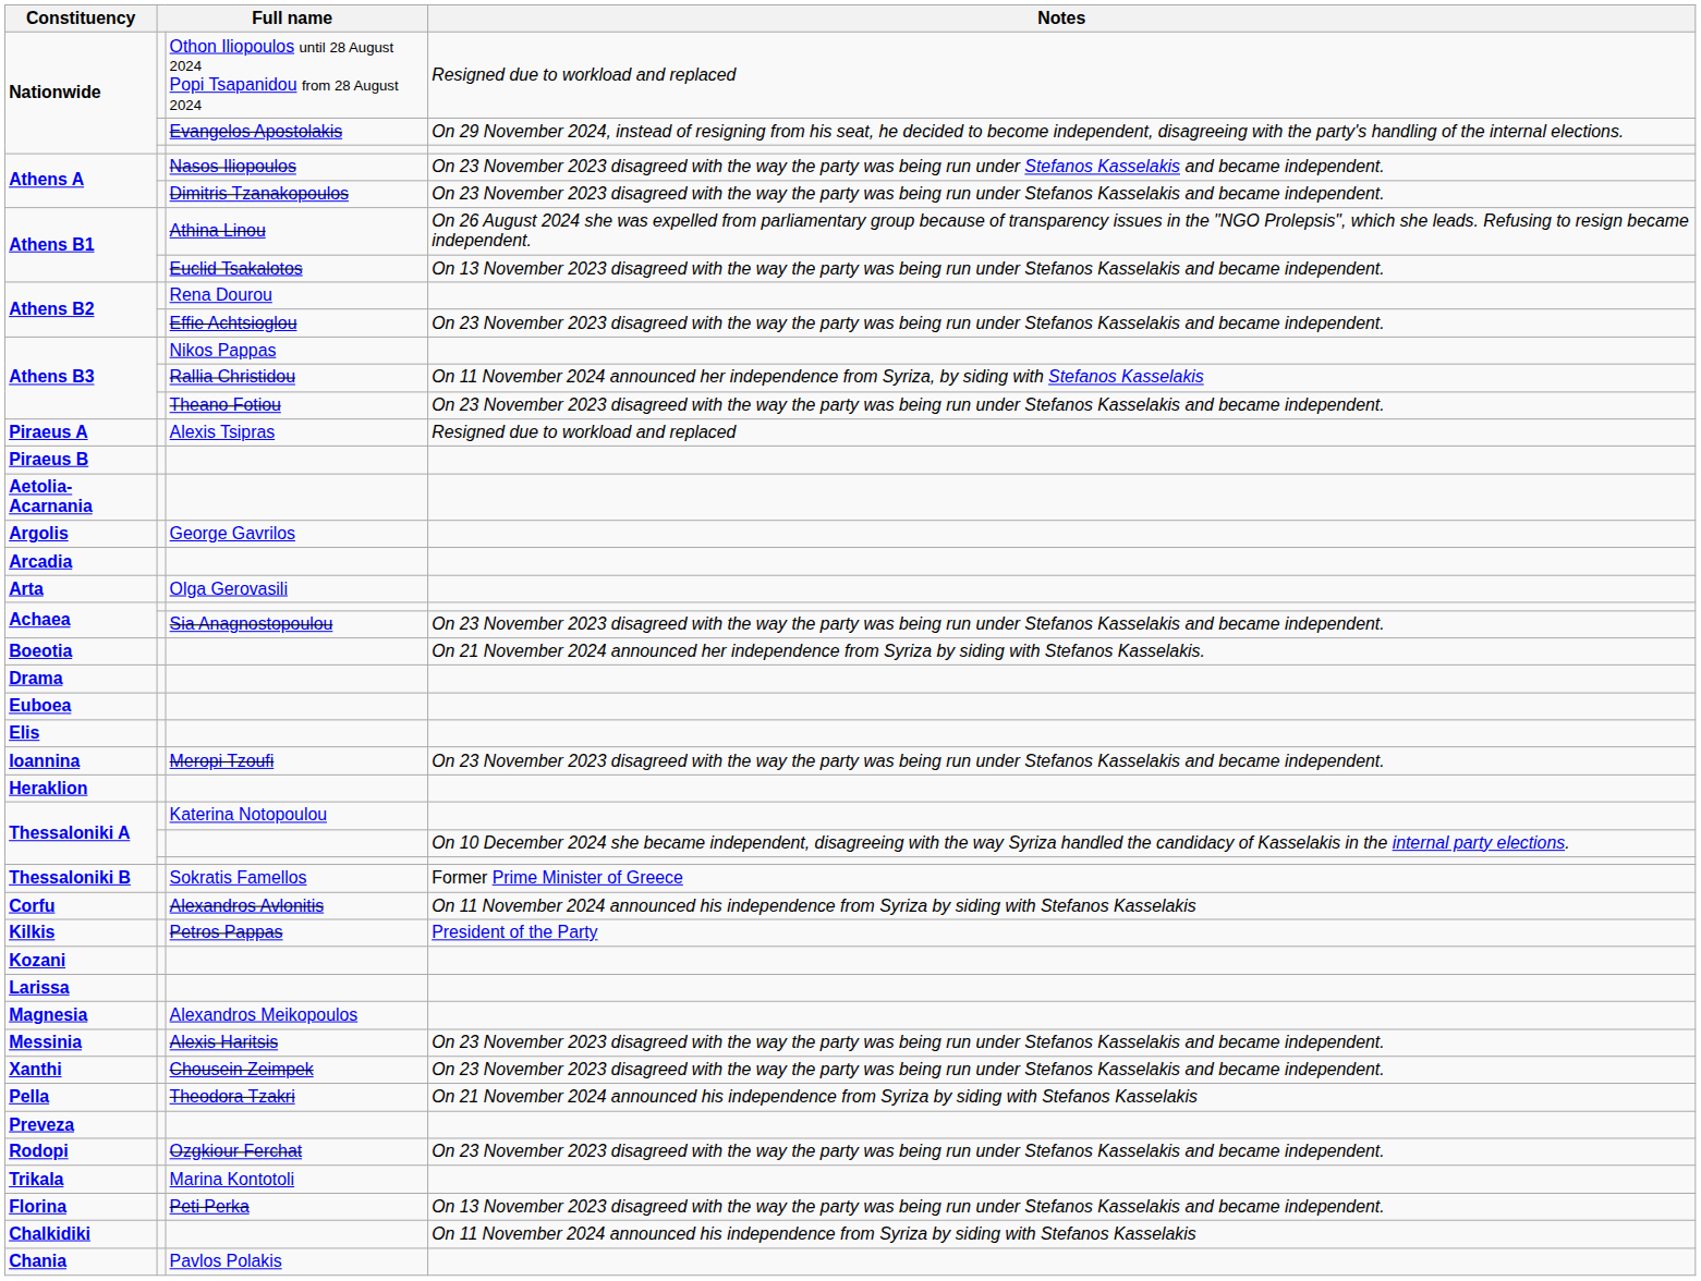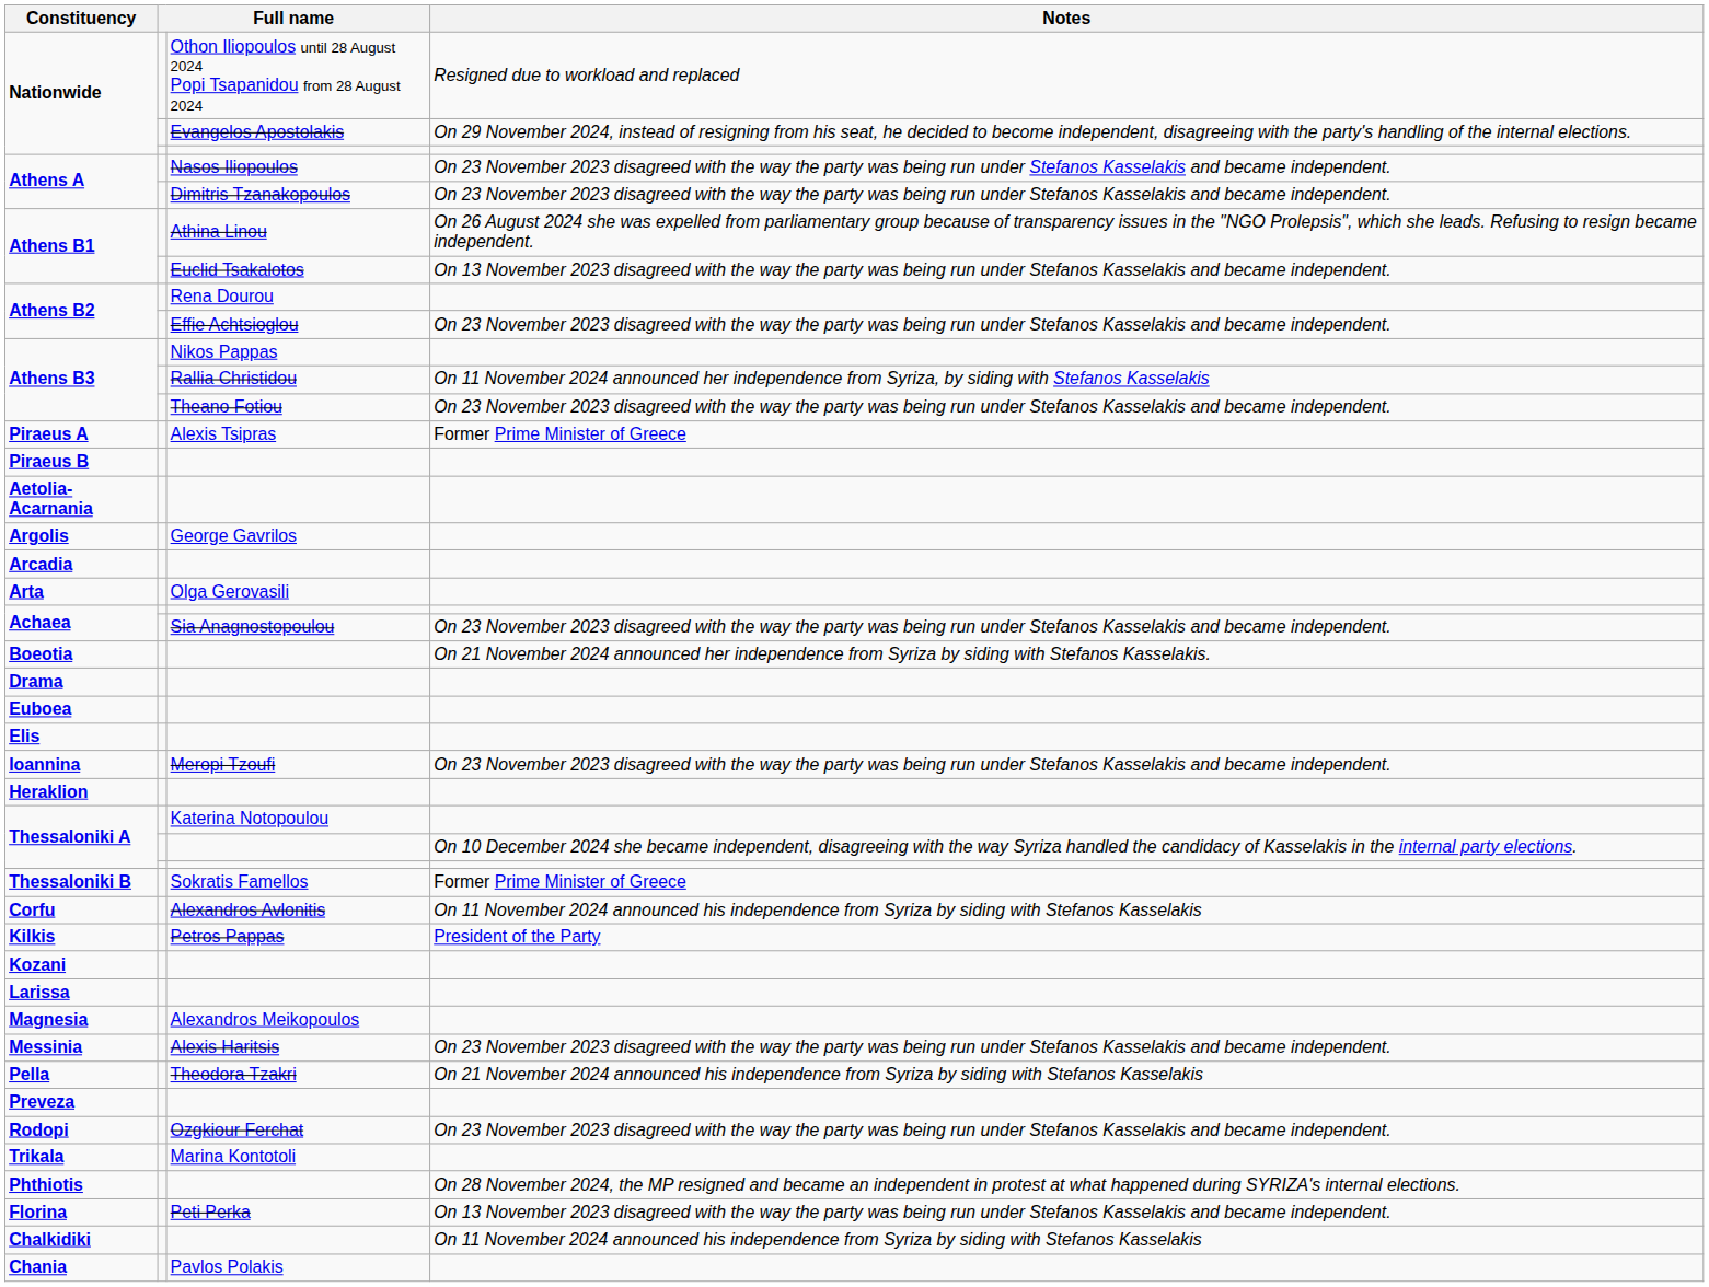 <table class="wikitable">
 <tr>
 <th>Constituency</th>
 <th colspan="2">Full name</th>
 <th>Notes</th>
 </tr>
 <tr>
 <td rowspan="3"><strong>Nationwide</strong></td>
 <td></td>
 <td><a href='#'>Othon Iliopoulos</a> <small>until 28 August 2024</small> <br><a href='#'>Popi Tsapanidou</a> <small>from 28 August 2024</small></td>
 <td><em>Resigned due to workload and replaced</em></td>
 </tr>
 <tr>
 <td></td>
 <td><s><a href='#'>Evangelos Apostolakis</a></s></td>
 <td><em>On 29 November 2024, instead of resigning from his seat, he decided to become independent, disagreeing with the party's handling of the internal elections.</em></td>
 </tr>
 <tr>
 <td></td>
 <td></td>
 <td></td>
 </tr>
 <tr>
 <td rowspan="2"><strong><a href='#'>Athens A</a></strong></td>
 <td></td>
 <td><s><a href='#'>Nasos Iliopoulos</a></s></td>
 <td><em> On 23 November 2023 disagreed with the way the party was being run under <a href='#'>Stefanos Kasselakis</a> and became independent.</em></td>
 </tr>
 <tr>
 <td></td>
 <td><s><a href='#'>Dimitris Tzanakopoulos</a></s></td>
 <td><em>On 23 November 2023 disagreed with the way the party was being run under Stefanos Kasselakis and became independent.</em></td>
 </tr>
 <tr>
 <td rowspan="2"><strong><a href='#'>Athens B1</a></strong></td>
 <td></td>
 <td><s><a href='#'>Athina Linou</a></s></td>
 <td><em>On 26 August 2024 she was expelled from parliamentary group because of transparency issues in the "NGO Prolepsis", which she leads. Refusing to resign became independent.</em></td>
 </tr>
 <tr>
 <td></td>
 <td><s> <a href='#'>Euclid Tsakalotos</a> </s></td>
 <td><em> On 13 November 2023 disagreed with the way the party was being run under Stefanos Kasselakis and became independent.</em></td>
 </tr>
 <tr>
 <td rowspan="2"><strong><a href='#'>Athens B2</a></strong></td>
 <td></td>
 <td><a href='#'>Rena Dourou</a></td>
 <td></td>
 </tr>
 <tr>
 <td></td>
 <td><s><a href='#'>Effie Achtsioglou</a></s></td>
 <td><em>On 23 November 2023 disagreed with the way the party was being run under Stefanos Kasselakis and became independent.</em></td>
 </tr>
 <tr>
 <td rowspan="3"><strong><a href='#'>Athens B3</a></strong></td>
 <td></td>
 <td><a href='#'>Nikos Pappas</a></td>
 <td></td>
 </tr>
 <tr>
 <td></td>
 <td><s><a href='#'>Rallia Christidou</a></s></td>
 <td><em> On 11 November 2024 announced her independence from Syriza, by siding with <a href='#'>Stefanos Kasselakis</a></em></td>
 </tr>
 <tr>
 <td></td>
 <td><s><a href='#'>Theano Fotiou</a></s></td>
 <td><em> On 23 November 2023 disagreed with the way the party was being run under Stefanos Kasselakis and became independent.</em></td>
 </tr>
 <tr>
 <td><strong><a href='#'>Piraeus A</a></strong></td>
 <td></td>
 <td><a href='#'>Alexis Tsipras</a></td>
-<td><em>Resigned due to workload and replaced</em></td>
+<td>Former <a href='#'>Prime Minister of Greece</a></td>
 </tr>
 <tr>
 <td><strong><a href='#'>Piraeus B</a></strong></td>
 <td></td>
 <td></td>
 <td></td>
 </tr>
 <tr>
 <td><a href='#'><strong>Aetolia-Acarnania</strong></a></td>
 <td></td>
 <td></td>
 <td></td>
 </tr>
 <tr>
 <td><a href='#'><strong>Argolis</strong></a></td>
 <td></td>
 <td><a href='#'>George Gavrilos</a></td>
 <td></td>
 </tr>
 <tr>
 <td><strong><a href='#'>Arcadia</a></strong></td>
 <td></td>
 <td></td>
 <td></td>
 </tr>
 <tr>
 <td><a href='#'><strong>Arta</strong></a></td>
 <td></td>
 <td><a href='#'>Olga Gerovasili</a></td>
 <td></td>
 </tr>
 <tr>
 <td rowspan="2"><a href='#'><strong>Achaea</strong></a></td>
 <td></td>
 <td></td>
 <td></td>
 </tr>
 <tr>
 <td></td>
 <td><s><a href='#'>Sia Anagnostopoulou</a></s></td>
 <td><em>On 23 November 2023 disagreed with the way the party was being run under Stefanos Kasselakis and became independent.</em></td>
 </tr>
 <tr>
 <td><a href='#'><strong>Boeotia</strong></a></td>
 <td></td>
 <td><s></s></td>
 <td><em> On 21 November 2024 announced her independence from Syriza by siding with Stefanos Kasselakis.</em></td>
 </tr>
 <tr>
 <td><a href='#'><strong>Drama</strong></a></td>
 <td></td>
 <td></td>
 <td></td>
 </tr>
 <tr>
 <td><a href='#'><strong>Euboea</strong></a></td>
 <td></td>
 <td></td>
 <td></td>
 </tr>
 <tr>
 <td><a href='#'><strong>Elis</strong></a></td>
 <td></td>
 <td></td>
 <td></td>
 </tr>
 <tr>
 <td><a href='#'><strong>Ioannina</strong></a></td>
 <td></td>
 <td><s><a href='#'>Meropi Tzoufi</a></s></td>
 <td><em> On 23 November 2023 disagreed with the way the party was being run under Stefanos Kasselakis and became independent.</em></td>
 </tr>
 <tr>
 <td><a href='#'><strong>Heraklion</strong></a></td>
 <td></td>
 <td></td>
 <td></td>
 </tr>
 <tr>
 <td rowspan="3"><strong><a href='#'>Thessaloniki A</a></strong></td>
 <td></td>
 <td><a href='#'>Katerina Notopoulou</a></td>
 <td></td>
 </tr>
 <tr>
 <td></td>
 <td><s></s></td>
 <td><em>On 10 December 2024 she became independent, disagreeing with the way Syriza handled the candidacy of Kasselakis in the <a href='#'>internal party elections</a>.</em></td>
 </tr>
 <tr>
 <td></td>
 <td></td>
 <td></td>
 </tr>
 <tr>
 <td><strong><a href='#'>Thessaloniki B</a></strong></td>
 <td></td>
 <td><a href='#'>Sokratis Famellos</a></td>
 <td>Former <a href='#'>Prime Minister of Greece</a></td>
 </tr>
 <tr>
 <td><a href='#'><strong>Corfu</strong></a></td>
 <td width="1"></td>
 <td><s><a href='#'>Alexandros Avlonitis</a></s></td>
 <td><em>On 11 November 2024 announced his independence from Syriza by siding with Stefanos Kasselakis</em></td>
 </tr>
 <tr>
 <td><a href='#'><strong>Kilkis</strong></a></td>
 <td width="1"></td>
 <td><s><a href='#'>Petros Pappas</a></s></td>
 <td><a href='#'>President of the Party</a></td>
 </tr>
 <tr>
 <td><a href='#'><strong>Kozani</strong></a></td>
 <td width="1"></td>
 <td></td>
 <td></td>
 </tr>
 <tr>
 <td><strong><a href='#'>Larissa</a></strong></td>
 <td width="1"></td>
 <td></td>
 <td></td>
 </tr>
 <tr>
 <td><strong><a href='#'>Magnesia</a></strong></td>
 <td width="1"></td>
 <td><a href='#'>Alexandros Meikopoulos</a></td>
 <td></td>
 </tr>
 <tr>
 <td><strong><a href='#'>Messinia</a></strong></td>
 <td width="1"></td>
 <td><s><a href='#'>Alexis Haritsis</a></s></td>
 <td><em> On 23 November 2023 disagreed with the way the party was being run under Stefanos Kasselakis and became independent.</em></td>
 </tr>
 <tr>
-<td><a href='#'><strong>Xanthi</strong></a></td>
-<td></td>
-<td><s><a href='#'>Chousein Zeimpek</a></s></td>
-<td><em> On 23 November 2023 disagreed with the way the party was being run under Stefanos Kasselakis and became independent.</em></td>
-</tr>
-<tr>
 <td><strong><a href='#'>Pella</a></strong></td>
 <td width="1"></td>
 <td><s><a href='#'>Theodora Tzakri</a></s></td>
 <td><em> On 21 November 2024 announced his independence from Syriza by siding with Stefanos Kasselakis</em></td>
 </tr>
 <tr>
 <td><strong><a href='#'>Preveza</a></strong></td>
 <td width="1"></td>
 <td></td>
 <td></td>
 </tr>
 <tr>
 <td><a href='#'><strong>Rodopi</strong></a></td>
 <td width="1"></td>
 <td><s><a href='#'>Ozgkiour Ferchat</a></s></td>
 <td><em> On 23 November 2023 disagreed with the way the party was being run under Stefanos Kasselakis and became independent.</em></td>
 </tr>
 <tr>
 <td><strong><a href='#'>Trikala</a></strong></td>
 <td width="1"></td>
 <td><a href='#'>Marina Kontotoli</a></td>
 <td></td>
 </tr>
 <tr>
+<td><strong><a href='#'>Phthiotis</a></strong></td>
+<td width="1"></td>
+<td><s></s></td>
+<td><em>On 28 November 2024, the MP resigned and became an independent in protest at what happened during SYRIZA's internal elections.</em></td>
+</tr>
+<tr>
 <td><strong><a href='#'>Florina</a></strong></td>
 <td width="1"></td>
 <td><s><a href='#'>Peti Perka</a></s></td>
 <td><em>On 13 November 2023 disagreed with the way the party was being run under Stefanos Kasselakis and became independent.</em></td>
 </tr>
 <tr>
 <td><strong><a href='#'>Chalkidiki</a></strong></td>
 <td width="1"></td>
 <td><s></s></td>
 <td><em>On 11 November 2024 announced his independence from Syriza by siding with Stefanos Kasselakis</em></td>
 </tr>
 <tr>
 <td><strong><a href='#'>Chania</a></strong></td>
 <td width="1"></td>
 <td><a href='#'>Pavlos Polakis</a></td>
 <td></td>
 </tr>
 </table>
